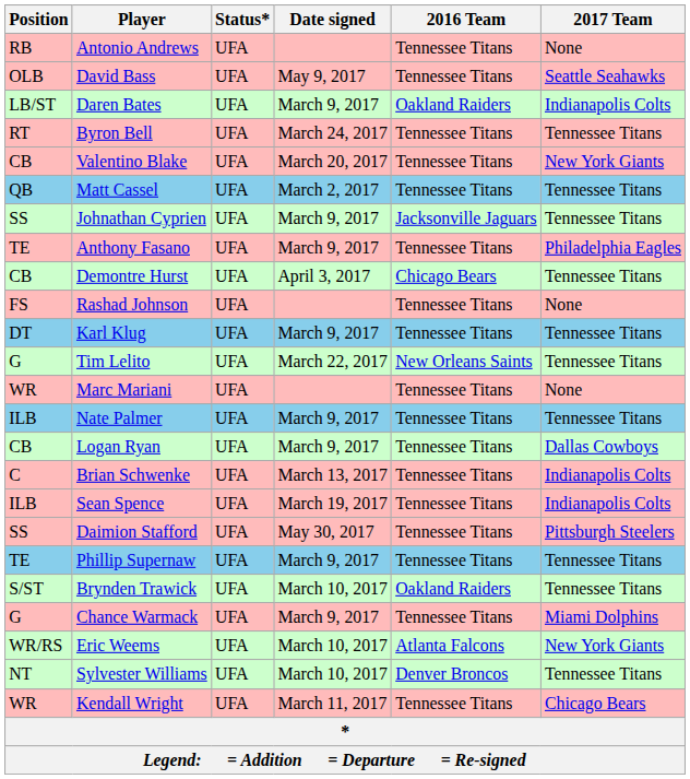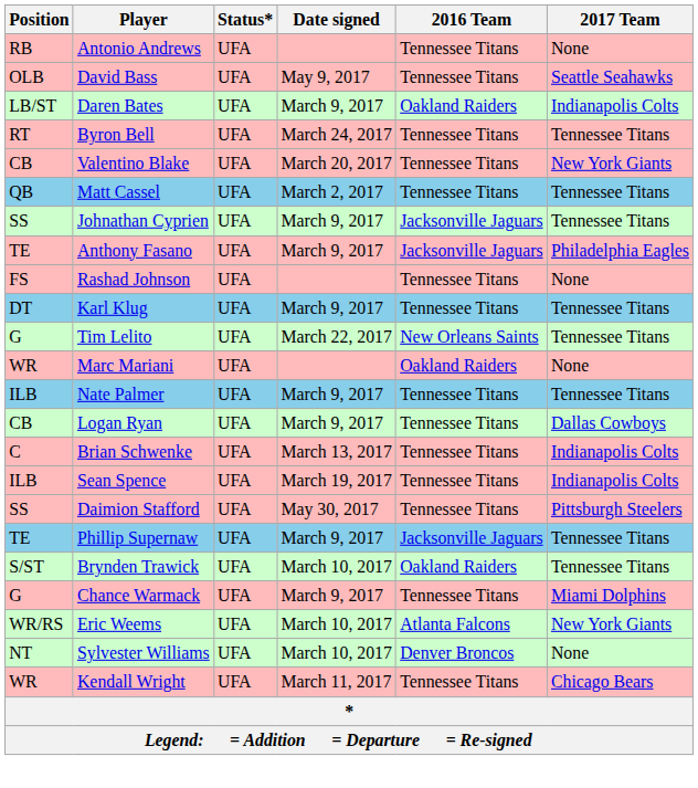 <table class="wikitable sortable" style="font-size: 95%">
 <tr>
 <th>Position</th>
 <th>Player</th>
 <th>Status*</th>
 <th>Date signed</th>
 <th>2016 Team</th>
 <th>2017 Team</th>
 </tr>
 <tr style="background:#fbb">
 <td>RB</td>
 <td><a href='#'>Antonio Andrews</a></td>
 <td>UFA</td>
 <td></td>
 <td>Tennessee Titans</td>
 <td>None</td>
 </tr>
 <tr style="background:#fbb">
 <td>OLB</td>
 <td><a href='#'>David Bass</a></td>
 <td>UFA</td>
 <td>May 9, 2017</td>
 <td>Tennessee Titans</td>
 <td><a href='#'>Seattle Seahawks</a></td>
 </tr>
 <tr style="background:#cfc">
 <td>LB/ST</td>
 <td><a href='#'>Daren Bates</a></td>
 <td>UFA</td>
 <td>March 9, 2017</td>
 <td><a href='#'>Oakland Raiders</a></td>
 <td><a href='#'>Indianapolis Colts</a></td>
 </tr>
 <tr style="background:#fbb">
 <td>RT</td>
 <td><a href='#'>Byron Bell</a></td>
 <td>UFA</td>
 <td>March 24, 2017</td>
 <td>Tennessee Titans</td>
 <td>Tennessee Titans</td>
 </tr>
 <tr style="background:#fbb">
 <td>CB</td>
 <td><a href='#'>Valentino Blake</a></td>
 <td>UFA</td>
 <td>March 20, 2017</td>
 <td>Tennessee Titans</td>
 <td><a href='#'>New York Giants</a></td>
 </tr>
 <tr style="background:#87ceeb">
 <td>QB</td>
 <td><a href='#'>Matt Cassel</a></td>
 <td>UFA</td>
 <td>March 2, 2017</td>
 <td>Tennessee Titans</td>
 <td>Tennessee Titans</td>
 </tr>
 <tr style="background:#cfc">
 <td>SS</td>
 <td><a href='#'>Johnathan Cyprien</a></td>
 <td>UFA</td>
 <td>March 9, 2017</td>
 <td><a href='#'>Jacksonville Jaguars</a></td>
 <td>Tennessee Titans</td>
 </tr>
 <tr style="background:#fbb">
 <td>TE</td>
 <td><a href='#'>Anthony Fasano</a></td>
 <td>UFA</td>
 <td>March 9, 2017</td>
-<td>Tennessee Titans</td>
+<td><a href='#'>Jacksonville Jaguars</a></td>
 <td><a href='#'>Philadelphia Eagles</a></td>
-</tr>
-<tr style="background:#cfc">
-<td>CB</td>
-<td><a href='#'>Demontre Hurst</a></td>
-<td>UFA</td>
-<td>April 3, 2017</td>
-<td><a href='#'>Chicago Bears</a></td>
-<td>Tennessee Titans</td>
 </tr>
 <tr style="background:#fbb">
 <td>FS</td>
 <td><a href='#'>Rashad Johnson</a></td>
 <td>UFA</td>
 <td></td>
 <td>Tennessee Titans</td>
 <td>None</td>
 </tr>
 <tr style="background:#87ceeb">
 <td>DT</td>
 <td><a href='#'>Karl Klug</a></td>
 <td>UFA</td>
 <td>March 9, 2017</td>
 <td>Tennessee Titans</td>
 <td>Tennessee Titans</td>
 </tr>
 <tr style="background:#cfc">
 <td>G</td>
 <td><a href='#'>Tim Lelito</a></td>
 <td>UFA</td>
 <td>March 22, 2017</td>
 <td><a href='#'>New Orleans Saints</a></td>
 <td>Tennessee Titans</td>
 </tr>
 <tr style="background:#fbb">
 <td>WR</td>
 <td><a href='#'>Marc Mariani</a></td>
 <td>UFA</td>
 <td></td>
-<td>Tennessee Titans</td>
+<td><a href='#'>Oakland Raiders</a></td>
 <td>None</td>
 </tr>
 <tr style="background:#87ceeb">
 <td>ILB</td>
 <td><a href='#'>Nate Palmer</a></td>
 <td>UFA</td>
 <td>March 9, 2017</td>
 <td>Tennessee Titans</td>
 <td>Tennessee Titans</td>
 </tr>
 <tr style="background:#cfc">
 <td>CB</td>
 <td><a href='#'>Logan Ryan</a></td>
 <td>UFA</td>
 <td>March 9, 2017</td>
 <td>Tennessee Titans</td>
 <td><a href='#'>Dallas Cowboys</a></td>
 </tr>
 <tr style="background:#fbb">
 <td>C</td>
 <td><a href='#'>Brian Schwenke</a></td>
 <td>UFA</td>
 <td>March 13, 2017</td>
 <td>Tennessee Titans</td>
 <td><a href='#'>Indianapolis Colts</a></td>
 </tr>
 <tr style="background:#fbb">
 <td>ILB</td>
 <td><a href='#'>Sean Spence</a></td>
 <td>UFA</td>
 <td>March 19, 2017</td>
 <td>Tennessee Titans</td>
 <td><a href='#'>Indianapolis Colts</a></td>
 </tr>
 <tr style="background:#fbb">
 <td>SS</td>
 <td><a href='#'>Daimion Stafford</a></td>
 <td>UFA</td>
 <td>May 30, 2017</td>
 <td>Tennessee Titans</td>
 <td><a href='#'>Pittsburgh Steelers</a></td>
 </tr>
 <tr style="background:#87ceeb">
 <td>TE</td>
 <td><a href='#'>Phillip Supernaw</a></td>
 <td>UFA</td>
 <td>March 9, 2017</td>
-<td>Tennessee Titans</td>
+<td><a href='#'>Jacksonville Jaguars</a></td>
 <td>Tennessee Titans</td>
 </tr>
 <tr style="background:#cfc">
 <td>S/ST</td>
 <td><a href='#'>Brynden Trawick</a></td>
 <td>UFA</td>
 <td>March 10, 2017</td>
 <td><a href='#'>Oakland Raiders</a></td>
 <td>Tennessee Titans</td>
 </tr>
 <tr style="background:#fbb">
 <td>G</td>
 <td><a href='#'>Chance Warmack</a></td>
 <td>UFA</td>
 <td>March 9, 2017</td>
 <td>Tennessee Titans</td>
 <td><a href='#'>Miami Dolphins</a></td>
 </tr>
 <tr style="background:#cfc">
 <td>WR/RS</td>
 <td><a href='#'>Eric Weems</a></td>
 <td>UFA</td>
 <td>March 10, 2017</td>
 <td><a href='#'>Atlanta Falcons</a></td>
 <td><a href='#'>New York Giants</a></td>
 </tr>
 <tr style="background:#cfc">
 <td>NT</td>
 <td><a href='#'>Sylvester Williams</a></td>
 <td>UFA</td>
 <td>March 10, 2017</td>
 <td><a href='#'>Denver Broncos</a></td>
-<td>Tennessee Titans</td>
+<td>None</td>
 </tr>
 <tr style="background:#fbb">
 <td>WR</td>
 <td><a href='#'>Kendall Wright</a></td>
 <td>UFA</td>
 <td>March 11, 2017</td>
 <td>Tennessee Titans</td>
 <td><a href='#'>Chicago Bears</a></td>
 </tr>
 <tr>
 <th colspan=6>*</th>
 </tr>
 <tr>
 <th colspan=6><em>Legend:       = Addition       = Departure       = Re-signed     </em></th>
 </tr>
 </table>
